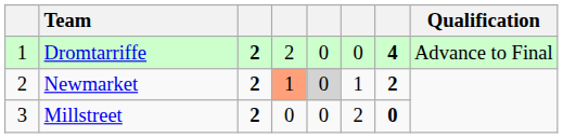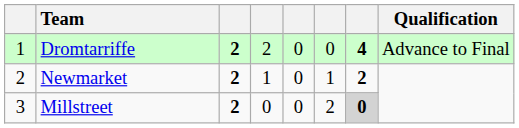 <table class="wikitable" style="text-align:center">
 <tr>
 <th width="20"></th>
 <th width="150" style="text-align:left;">Team</th>
 <th width="20"></th>
 <th width="20"></th>
 <th width="20"></th>
 <th width="20"></th>
 <th width="20"></th>
 <th>Qualification</th>
 </tr>
 <tr style="background:#ccffcc">
 <td>1</td>
 <td align="left"> <a href='#'>Dromtarriffe</a></td>
 <td><strong>2</strong></td>
 <td>2</td>
 <td>0</td>
 <td>0</td>
 <td><strong>4</strong></td>
 <td>Advance to Final</td>
 </tr>
 <tr>
 <td>2</td>
 <td align="left"> <a href='#'>Newmarket</a></td>
 <td><strong>2</strong></td>
-<td style="background: lightsalmon;">1</td>
-<td style="background: lightgrey;">0</td>
+<td>1</td>
+<td>0</td>
 <td>1</td>
 <td><strong>2</strong></td>
 <td rowspan="2"></td>
 </tr>
 <tr>
 <td>3</td>
 <td align="left"> <a href='#'>Millstreet</a></td>
 <td><strong>2</strong></td>
 <td>0</td>
 <td>0</td>
 <td>2</td>
-<td><strong>0</strong></td>
+<td style="background: lightgrey;"><strong>0</strong></td>
 </tr>
 </table>
